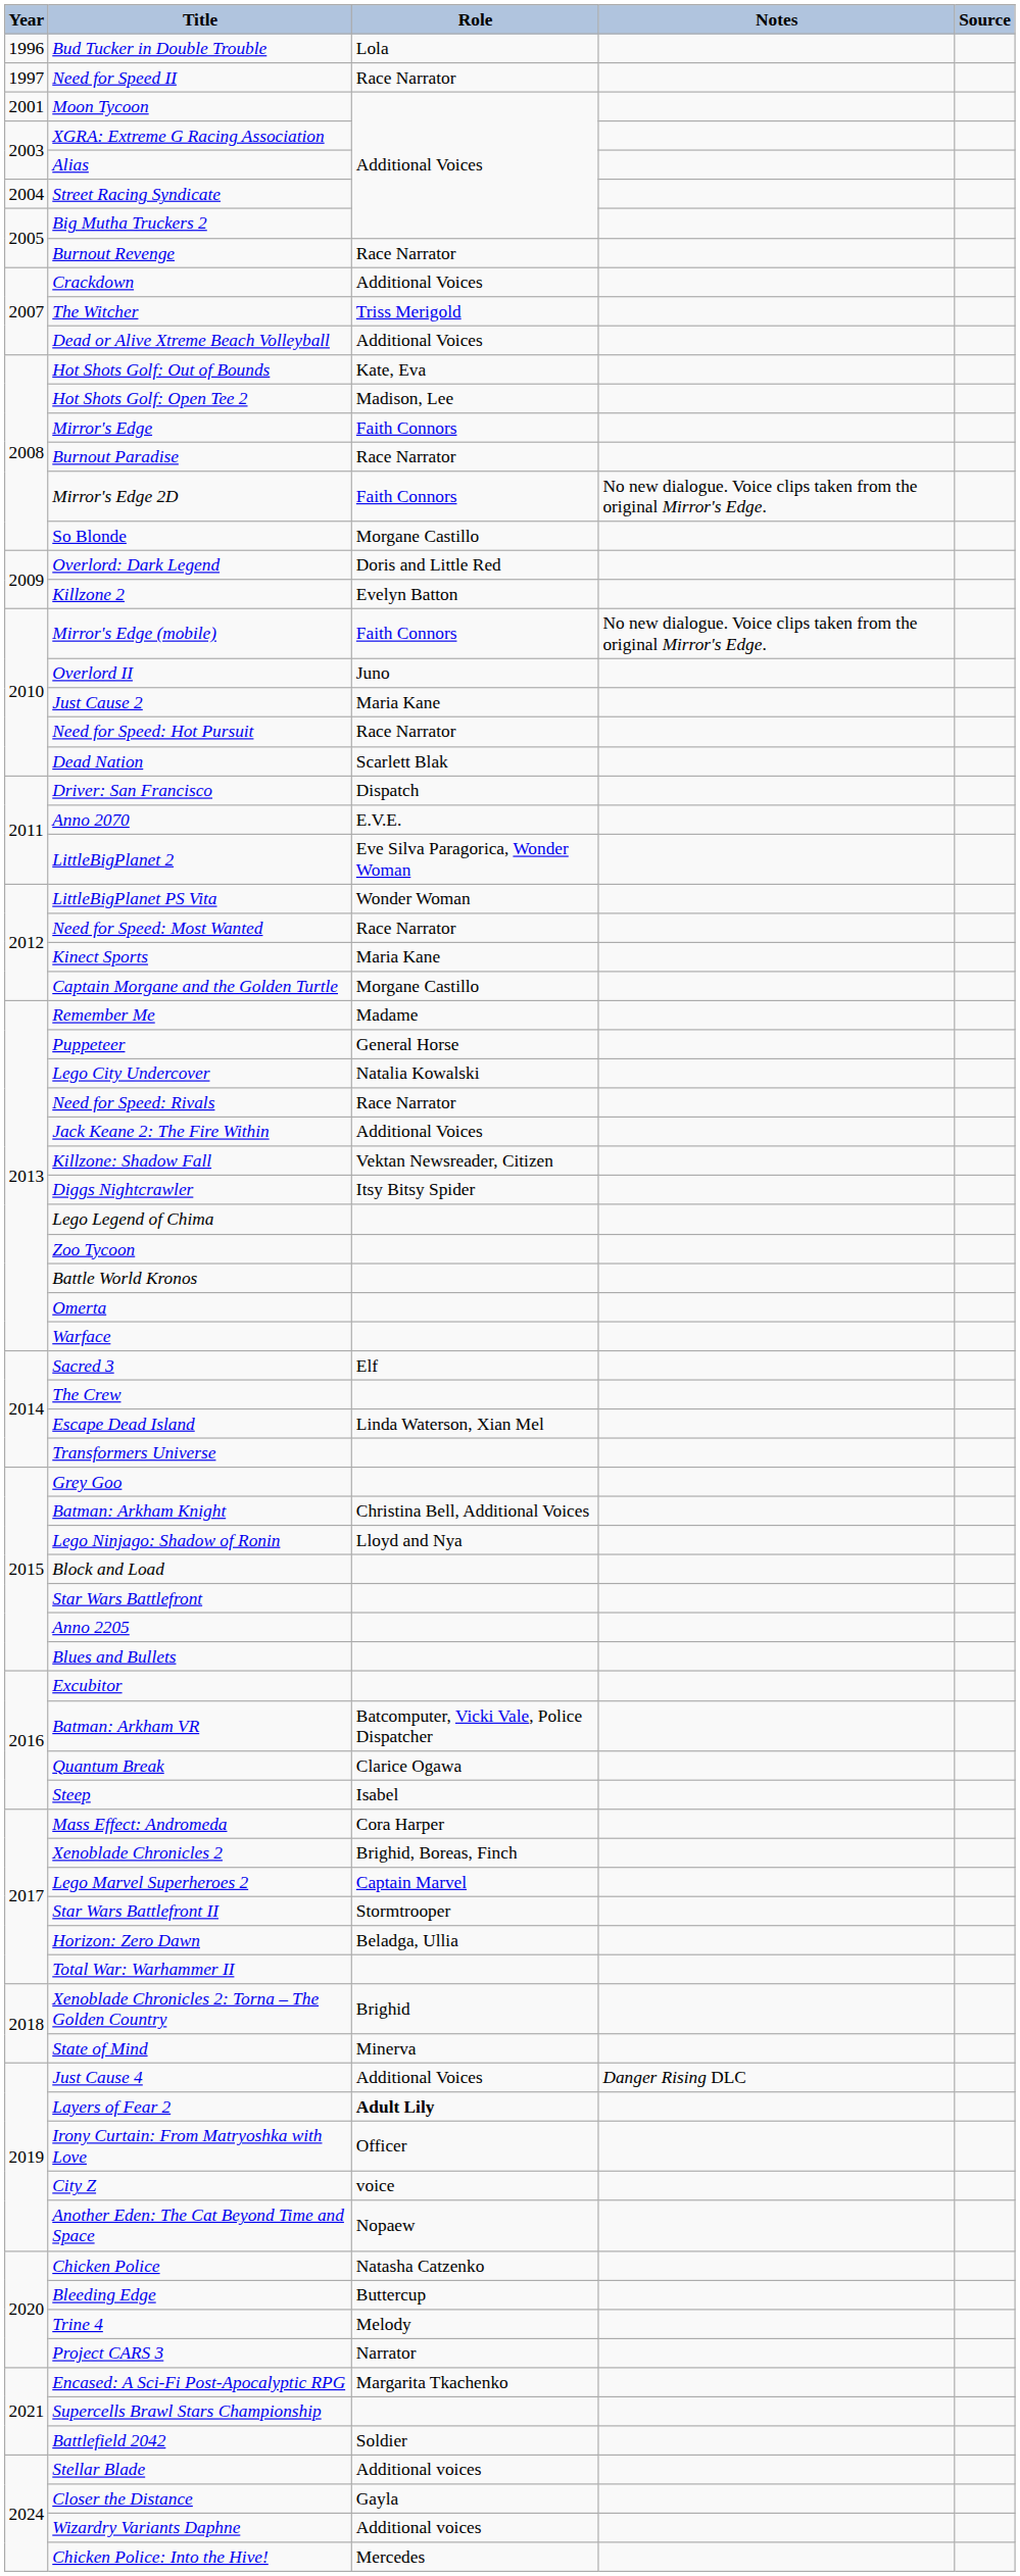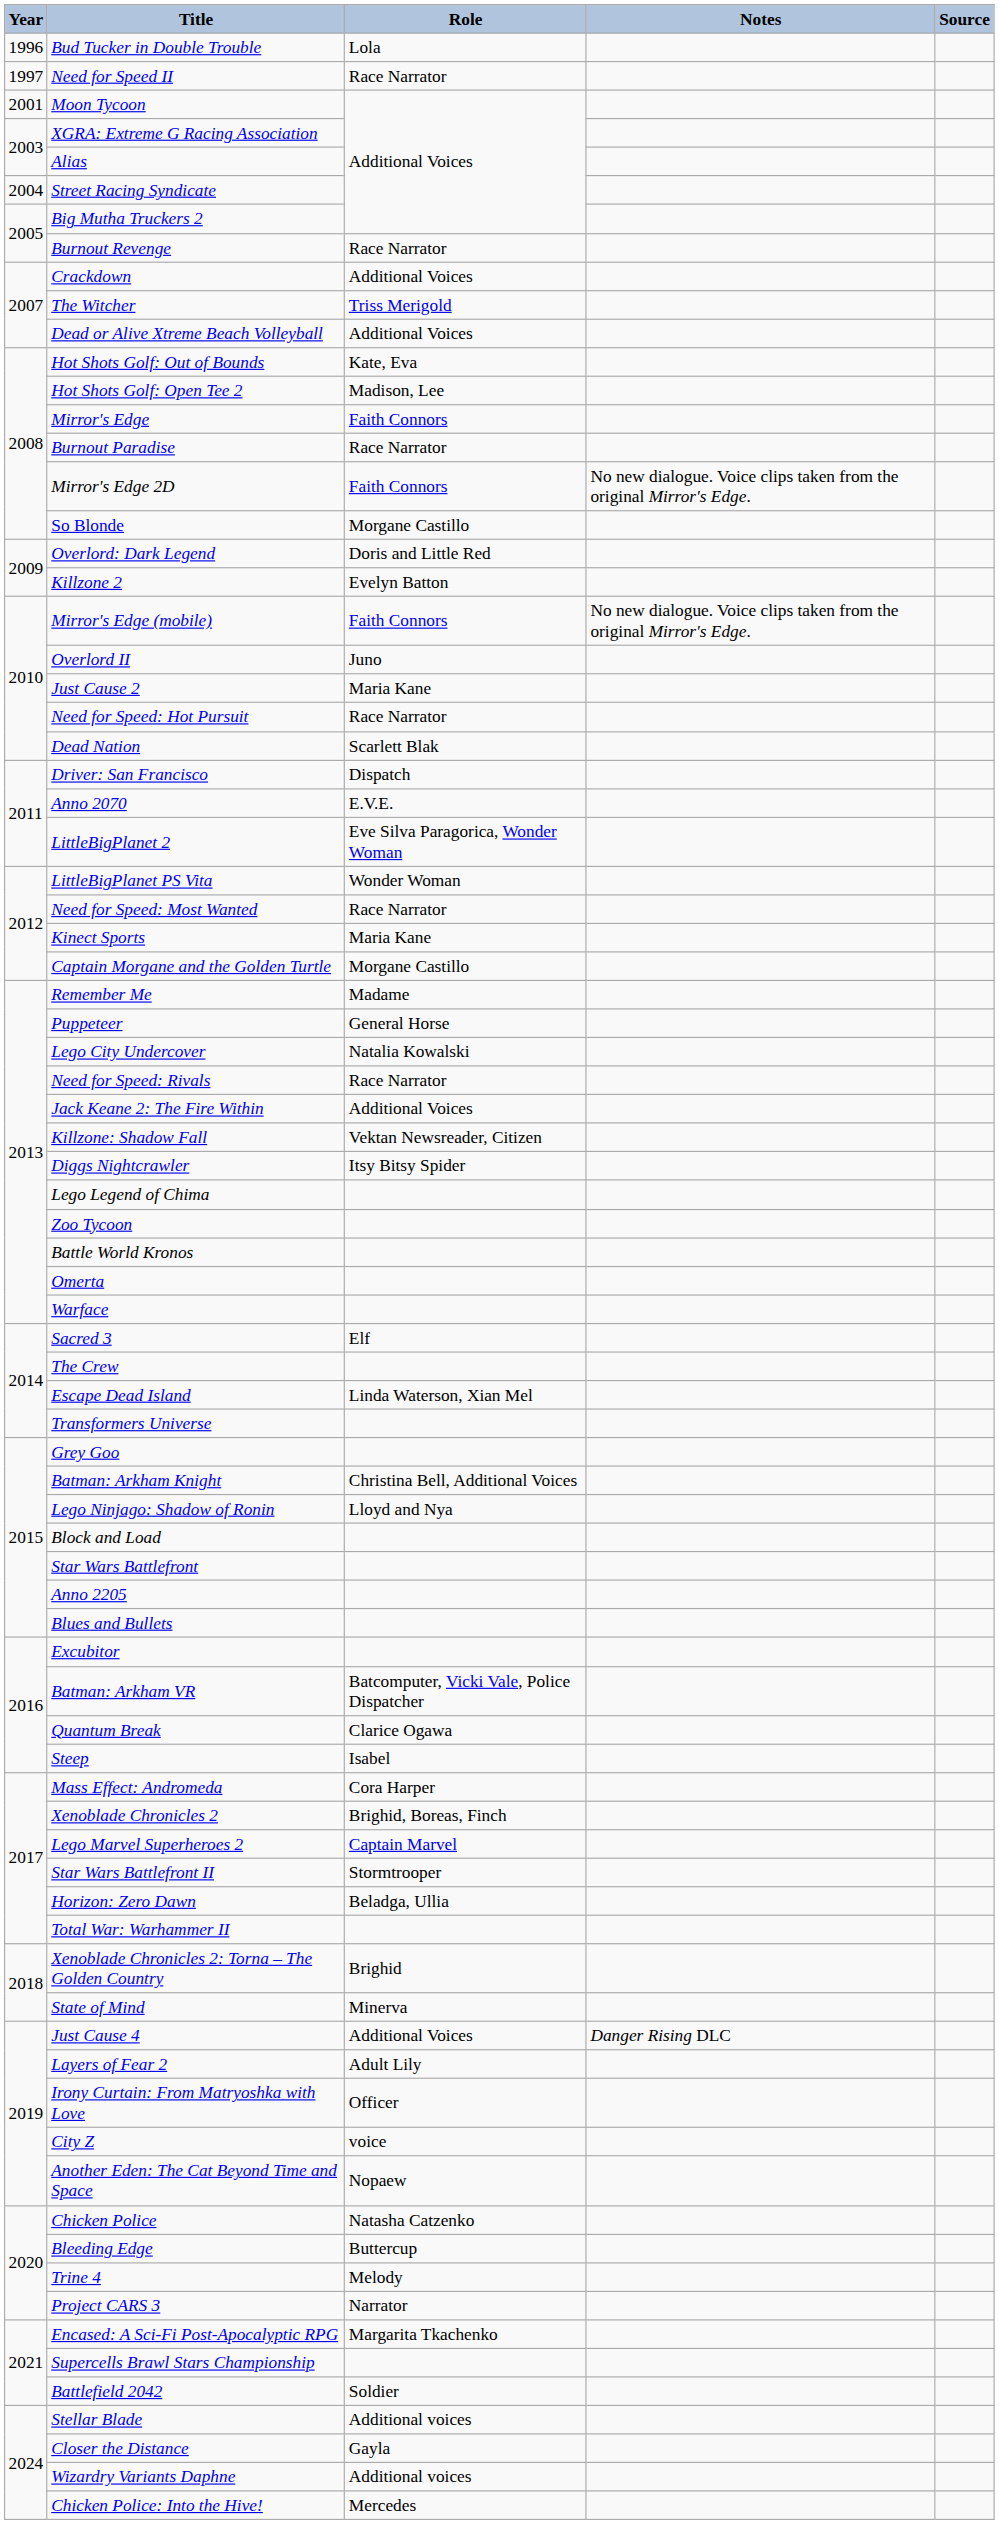 <table class="wikitable sortable plainrowheaders" style="width=95%;  font-size: 95%;">
 <tr>
 <th style="background:#b0c4de;">Year</th>
 <th style="background:#b0c4de;">Title</th>
 <th style="background:#b0c4de;">Role</th>
 <th style="background:#b0c4de;" class="unsortable">Notes</th>
 <th style="background:#b0c4de;" class="unsortable">Source</th>
 </tr>
 <tr>
 <td>1996</td>
 <td><em><a href='#'>Bud Tucker in Double Trouble</a></em></td>
 <td>Lola</td>
 <td></td>
 <td></td>
 </tr>
 <tr>
 <td>1997</td>
 <td><em><a href='#'>Need for Speed II</a></em></td>
 <td>Race Narrator</td>
 <td></td>
 <td></td>
 </tr>
 <tr>
 <td>2001</td>
 <td><em><a href='#'>Moon Tycoon</a></em></td>
 <td rowspan=5>Additional Voices</td>
 <td></td>
 <td></td>
 </tr>
 <tr>
 <td rowspan=2>2003</td>
 <td><em><a href='#'>XGRA: Extreme G Racing Association</a></em></td>
 <td></td>
 <td></td>
 </tr>
 <tr>
 <td><em><a href='#'>Alias</a></em></td>
 <td></td>
 <td></td>
 </tr>
 <tr>
 <td>2004</td>
 <td><em><a href='#'>Street Racing Syndicate</a></em></td>
 <td></td>
 <td></td>
 </tr>
 <tr>
 <td rowspan=2>2005</td>
 <td><em><a href='#'>Big Mutha Truckers 2</a></em></td>
 <td></td>
 <td></td>
 </tr>
 <tr>
 <td><em><a href='#'>Burnout Revenge</a></em></td>
 <td>Race Narrator</td>
 <td></td>
 <td></td>
 </tr>
 <tr>
 <td rowspan=3>2007</td>
 <td><em><a href='#'>Crackdown</a></em></td>
 <td>Additional Voices</td>
 <td></td>
 <td></td>
 </tr>
 <tr>
 <td><em><a href='#'>The Witcher</a></em></td>
 <td><a href='#'>Triss Merigold</a></td>
 <td></td>
 <td></td>
 </tr>
 <tr>
 <td><em><a href='#'>Dead or Alive Xtreme Beach Volleyball</a></em></td>
 <td>Additional Voices</td>
 <td></td>
 <td></td>
 </tr>
 <tr>
 <td rowspan=6>2008</td>
 <td><em><a href='#'>Hot Shots Golf: Out of Bounds</a></em></td>
 <td>Kate, Eva</td>
 <td></td>
 <td></td>
 </tr>
 <tr>
 <td><em><a href='#'>Hot Shots Golf: Open Tee 2</a></em></td>
 <td>Madison, Lee</td>
 <td></td>
 <td></td>
 </tr>
 <tr>
 <td><em><a href='#'>Mirror's Edge</a></em></td>
 <td><a href='#'>Faith Connors</a></td>
 <td></td>
 <td></td>
 </tr>
 <tr>
 <td><em><a href='#'>Burnout Paradise</a></em></td>
 <td>Race Narrator</td>
 <td></td>
 <td></td>
 </tr>
 <tr>
 <td><em>Mirror's Edge 2D</em></td>
 <td><a href='#'>Faith Connors</a></td>
 <td>No new dialogue. Voice clips taken from the original <em>Mirror's Edge</em>.</td>
 <td></td>
 </tr>
 <tr>
 <td><a href='#'>So Blonde</a></td>
 <td>Morgane Castillo</td>
 <td></td>
 <td><br></td>
 </tr>
 <tr>
 <td rowspan=2>2009</td>
 <td><em><a href='#'>Overlord: Dark Legend</a></em></td>
 <td>Doris and Little Red</td>
 <td></td>
 <td></td>
 </tr>
 <tr>
 <td><em><a href='#'>Killzone 2</a></em></td>
 <td>Evelyn Batton</td>
 <td></td>
 <td></td>
 </tr>
 <tr>
 <td rowspan=5>2010</td>
 <td><em><a href='#'>Mirror's Edge (mobile)</a></em></td>
 <td><a href='#'>Faith Connors</a></td>
 <td>No new dialogue. Voice clips taken from the original <em>Mirror's Edge</em>.</td>
 <td></td>
 </tr>
 <tr>
 <td><em><a href='#'>Overlord II</a></em></td>
 <td>Juno</td>
 <td></td>
 <td></td>
 </tr>
 <tr>
 <td><em><a href='#'>Just Cause 2</a></em></td>
 <td>Maria Kane</td>
 <td></td>
 <td></td>
 </tr>
 <tr>
 <td><em><a href='#'>Need for Speed: Hot Pursuit</a></em></td>
 <td>Race Narrator</td>
 <td></td>
 <td></td>
 </tr>
 <tr>
 <td><em><a href='#'>Dead Nation</a></em></td>
 <td>Scarlett Blak</td>
 <td></td>
 <td></td>
 </tr>
 <tr>
 <td rowspan=3>2011</td>
 <td><em><a href='#'>Driver: San Francisco</a></em></td>
 <td>Dispatch</td>
 <td></td>
 <td></td>
 </tr>
 <tr>
 <td><em><a href='#'>Anno 2070</a></em></td>
 <td>E.V.E.</td>
 <td></td>
 <td></td>
 </tr>
 <tr>
 <td><em><a href='#'>LittleBigPlanet 2</a></em></td>
 <td>Eve Silva Paragorica, <a href='#'>Wonder Woman</a></td>
 <td></td>
 <td></td>
 </tr>
 <tr>
 <td rowspan=4>2012</td>
 <td><em><a href='#'>LittleBigPlanet PS Vita</a></em></td>
 <td>Wonder Woman</td>
 <td></td>
 <td></td>
 </tr>
 <tr>
 <td><em><a href='#'>Need for Speed: Most Wanted</a></em></td>
 <td>Race Narrator</td>
 <td></td>
 <td></td>
 </tr>
 <tr>
 <td><em><a href='#'>Kinect Sports</a></em></td>
 <td>Maria Kane</td>
 <td></td>
 <td></td>
 </tr>
 <tr>
 <td><em><a href='#'>Captain Morgane and the Golden Turtle</a></em></td>
 <td>Morgane Castillo</td>
 <td></td>
 <td></td>
 </tr>
 <tr>
 <td rowspan=12>2013</td>
 <td><em><a href='#'>Remember Me</a></em></td>
 <td>Madame</td>
 <td></td>
 <td></td>
 </tr>
 <tr>
 <td><em><a href='#'>Puppeteer</a></em></td>
 <td>General Horse</td>
 <td></td>
 <td></td>
 </tr>
 <tr>
 <td><em><a href='#'>Lego City Undercover</a></em></td>
 <td>Natalia Kowalski</td>
 <td></td>
 <td></td>
 </tr>
 <tr>
 <td><em><a href='#'>Need for Speed: Rivals</a></em></td>
 <td>Race Narrator</td>
 <td></td>
 <td></td>
 </tr>
 <tr>
 <td><em><a href='#'>Jack Keane 2: The Fire Within</a></em></td>
 <td>Additional Voices</td>
 <td></td>
 <td></td>
 </tr>
 <tr>
 <td><em><a href='#'>Killzone: Shadow Fall</a></em></td>
 <td>Vektan Newsreader, Citizen</td>
 <td></td>
 <td></td>
 </tr>
 <tr>
 <td><em><a href='#'>Diggs Nightcrawler</a></em></td>
 <td>Itsy Bitsy Spider</td>
 <td></td>
 <td></td>
 </tr>
 <tr>
 <td><em>Lego Legend of Chima</em></td>
 <td></td>
 <td></td>
 <td></td>
 </tr>
 <tr>
 <td><em><a href='#'>Zoo Tycoon</a></em></td>
 <td></td>
 <td></td>
 <td></td>
 </tr>
 <tr>
 <td><em>Battle World Kronos</em></td>
 <td></td>
 <td></td>
 <td></td>
 </tr>
 <tr>
 <td><em><a href='#'>Omerta</a></em></td>
 <td></td>
 <td></td>
 <td></td>
 </tr>
 <tr>
 <td><em><a href='#'>Warface</a></em></td>
 <td></td>
 <td></td>
 <td></td>
 </tr>
 <tr>
 <td rowspan=4>2014</td>
 <td><em><a href='#'>Sacred 3</a></em></td>
 <td>Elf</td>
 <td></td>
 <td></td>
 </tr>
 <tr>
 <td><em><a href='#'>The Crew</a></em></td>
 <td></td>
 <td></td>
 <td></td>
 </tr>
 <tr>
 <td><em><a href='#'>Escape Dead Island</a></em></td>
 <td>Linda Waterson, Xian Mel</td>
 <td></td>
 <td></td>
 </tr>
 <tr>
 <td><em><a href='#'>Transformers Universe</a></em></td>
 <td></td>
 <td></td>
 <td></td>
 </tr>
 <tr>
 <td rowspan=7>2015</td>
 <td><em><a href='#'>Grey Goo</a></em></td>
 <td></td>
 <td></td>
 <td></td>
 </tr>
 <tr>
 <td><em><a href='#'>Batman: Arkham Knight</a></em></td>
 <td>Christina Bell, Additional Voices</td>
 <td></td>
 <td></td>
 </tr>
 <tr>
 <td><em><a href='#'>Lego Ninjago: Shadow of Ronin</a></em></td>
 <td>Lloyd and Nya</td>
 <td></td>
 <td></td>
 </tr>
 <tr>
 <td><em>Block and Load</em></td>
 <td></td>
 <td></td>
 <td></td>
 </tr>
 <tr>
 <td><em><a href='#'>Star Wars Battlefront</a></em></td>
 <td></td>
 <td></td>
 <td></td>
 </tr>
 <tr>
 <td><em><a href='#'>Anno 2205</a></em></td>
 <td></td>
 <td></td>
 <td></td>
 </tr>
 <tr>
 <td><em><a href='#'>Blues and Bullets</a></em></td>
 <td></td>
 <td></td>
 <td></td>
 </tr>
 <tr>
 <td rowspan=4>2016</td>
 <td><em><a href='#'>Excubitor</a></em></td>
 <td></td>
 <td></td>
 <td></td>
 </tr>
 <tr>
 <td><em><a href='#'>Batman: Arkham VR</a></em></td>
 <td>Batcomputer, <a href='#'>Vicki Vale</a>, Police Dispatcher</td>
 <td></td>
 <td></td>
 </tr>
 <tr>
 <td><em><a href='#'>Quantum Break</a></em></td>
 <td>Clarice Ogawa</td>
 <td></td>
 <td></td>
 </tr>
 <tr>
 <td><em><a href='#'>Steep</a></em></td>
 <td>Isabel</td>
 <td></td>
 <td></td>
 </tr>
 <tr>
 <td rowspan=6>2017</td>
 <td><em><a href='#'>Mass Effect: Andromeda</a></em></td>
 <td>Cora Harper</td>
 <td></td>
 <td></td>
 </tr>
 <tr>
 <td><em><a href='#'>Xenoblade Chronicles 2</a></em></td>
 <td>Brighid, Boreas, Finch</td>
 <td></td>
 <td></td>
 </tr>
 <tr>
 <td><em><a href='#'>Lego Marvel Superheroes 2</a></em></td>
 <td><a href='#'>Captain Marvel</a></td>
 <td></td>
 <td></td>
 </tr>
 <tr>
 <td><em><a href='#'>Star Wars Battlefront II</a></em></td>
 <td>Stormtrooper</td>
 <td></td>
 <td></td>
 </tr>
 <tr>
 <td><em><a href='#'>Horizon: Zero Dawn</a></em></td>
 <td>Beladga, Ullia</td>
 <td></td>
 <td></td>
 </tr>
 <tr>
 <td><em><a href='#'>Total War: Warhammer II</a></em></td>
 <td></td>
 <td></td>
 <td></td>
 </tr>
 <tr>
 <td rowspan=2>2018</td>
 <td><em><a href='#'>Xenoblade Chronicles 2: Torna – The Golden Country</a></em></td>
 <td>Brighid</td>
 <td></td>
 <td></td>
 </tr>
 <tr>
 <td><em><a href='#'>State of Mind</a></em></td>
 <td>Minerva</td>
 <td></td>
 <td></td>
 </tr>
 <tr>
 <td rowspan="5">2019</td>
 <td><em><a href='#'>Just Cause 4</a></em></td>
 <td>Additional Voices</td>
 <td><em>Danger Rising</em> DLC</td>
 <td></td>
 </tr>
 <tr>
 <td><em><a href='#'>Layers of Fear 2</a></em></td>
-<td><strong>Adult Lily</strong></td>
+<td>Adult Lily</td>
 <td></td>
 <td></td>
 </tr>
 <tr>
 <td><em><a href='#'>Irony Curtain: From Matryoshka with Love</a></em></td>
 <td>Officer</td>
 <td></td>
 <td></td>
 </tr>
 <tr>
 <td><em><a href='#'>City Z</a></em></td>
 <td>voice</td>
 <td></td>
 <td></td>
 </tr>
 <tr>
 <td><em><a href='#'>Another Eden: The Cat Beyond Time and Space</a></em></td>
 <td>Nopaew</td>
 <td></td>
 <td></td>
 </tr>
 <tr>
 <td rowspan=4>2020</td>
 <td><em><a href='#'>Chicken Police</a></em></td>
 <td>Natasha Catzenko</td>
 <td></td>
 <td></td>
 </tr>
 <tr>
 <td><em><a href='#'>Bleeding Edge</a></em></td>
 <td>Buttercup</td>
 <td></td>
 <td></td>
 </tr>
 <tr>
 <td><em><a href='#'>Trine 4</a></em></td>
 <td>Melody</td>
 <td></td>
 <td></td>
 </tr>
 <tr>
 <td><em><a href='#'>Project CARS 3</a></em></td>
 <td>Narrator</td>
 <td></td>
 <td></td>
 </tr>
 <tr>
 <td rowspan=3>2021</td>
 <td><em><a href='#'>Encased: A Sci-Fi Post-Apocalyptic RPG</a></em></td>
 <td>Margarita Tkachenko</td>
 <td></td>
 <td></td>
 </tr>
 <tr>
 <td><em><a href='#'>Supercells Brawl Stars Championship</a></em></td>
 <td></td>
 <td></td>
 <td></td>
 </tr>
 <tr>
 <td><em><a href='#'>Battlefield 2042</a></em></td>
 <td>Soldier</td>
 <td></td>
 <td></td>
 </tr>
 <tr>
 <td rowspan=4>2024</td>
 <td><em><a href='#'>Stellar Blade</a></em></td>
 <td>Additional voices</td>
 <td></td>
 <td></td>
 </tr>
 <tr>
 <td><em><a href='#'>Closer the Distance</a></em></td>
 <td>Gayla</td>
 <td></td>
 <td></td>
 </tr>
 <tr>
 <td><em><a href='#'>Wizardry Variants Daphne</a></em></td>
 <td>Additional voices</td>
 <td></td>
 <td></td>
 </tr>
 <tr>
 <td><em><a href='#'>Chicken Police: Into the Hive!</a></em></td>
 <td>Mercedes</td>
 <td></td>
 <td></td>
 </tr>
 </table>
